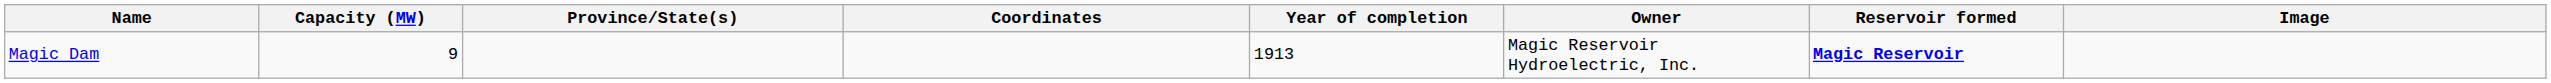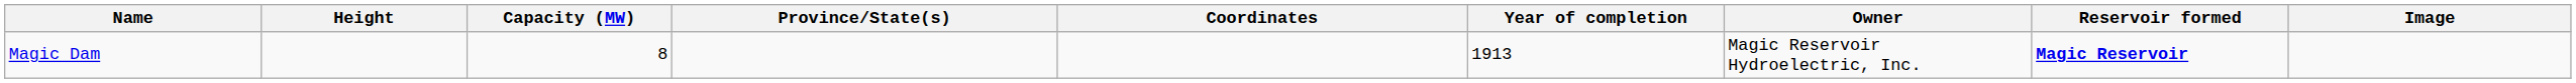 <table class="wikitable sortable" border="1">
 <tr>
 <th width="10%">Name</th>
+<th width="8%">Height</th>
 <th width="8%">Capacity (<a href='#'>MW</a>)</th>
 <th width="15%">Province/State(s)</th>
 <th width="16%">Coordinates</th>
 <th width="10%">Year of completion</th>
 <th width="12%">Owner</th>
 <th width="10%">Reservoir formed</th>
 <th>Image</th>
 </tr>
 <tr>
 <td><a href='#'>Magic Dam</a></td>
-<td align="right">9</td>
+<td></td>
+<td align="right">8</td>
 <td></td>
 <td></td>
 <td>1913</td>
 <td>Magic Reservoir Hydroelectric, Inc.</td>
 <td><strong><a href='#'>Magic Reservoir</a></strong></td>
 <td></td>
 </tr>
 </table>
